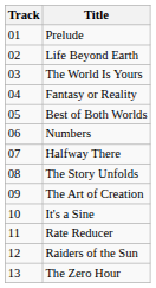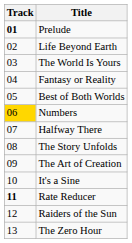 <table class="wikitable">
 <tr>
 <th>Track</th>
 <th>Title</th>
 </tr>
 <tr>
-<td>01</td>
+<td><strong>01</strong></td>
 <td>Prelude</td>
 </tr>
 <tr>
 <td>02</td>
 <td>Life Beyond Earth</td>
 </tr>
 <tr>
 <td>03</td>
 <td>The World Is Yours</td>
 </tr>
 <tr>
 <td>04</td>
 <td>Fantasy or Reality</td>
 </tr>
 <tr>
 <td>05</td>
 <td>Best of Both Worlds</td>
 </tr>
 <tr>
-<td>06</td>
+<td style="background: gold;">06</td>
 <td>Numbers</td>
 </tr>
 <tr>
 <td>07</td>
 <td>Halfway There</td>
 </tr>
 <tr>
 <td>08</td>
 <td>The Story Unfolds</td>
 </tr>
 <tr>
 <td>09</td>
 <td>The Art of Creation</td>
 </tr>
 <tr>
 <td>10</td>
 <td>It's a Sine</td>
 </tr>
 <tr>
-<td>11</td>
+<td><strong>11</strong></td>
 <td>Rate Reducer</td>
 </tr>
 <tr>
 <td>12</td>
 <td>Raiders of the Sun</td>
 </tr>
 <tr>
 <td>13</td>
 <td>The Zero Hour</td>
 </tr>
 </table>
